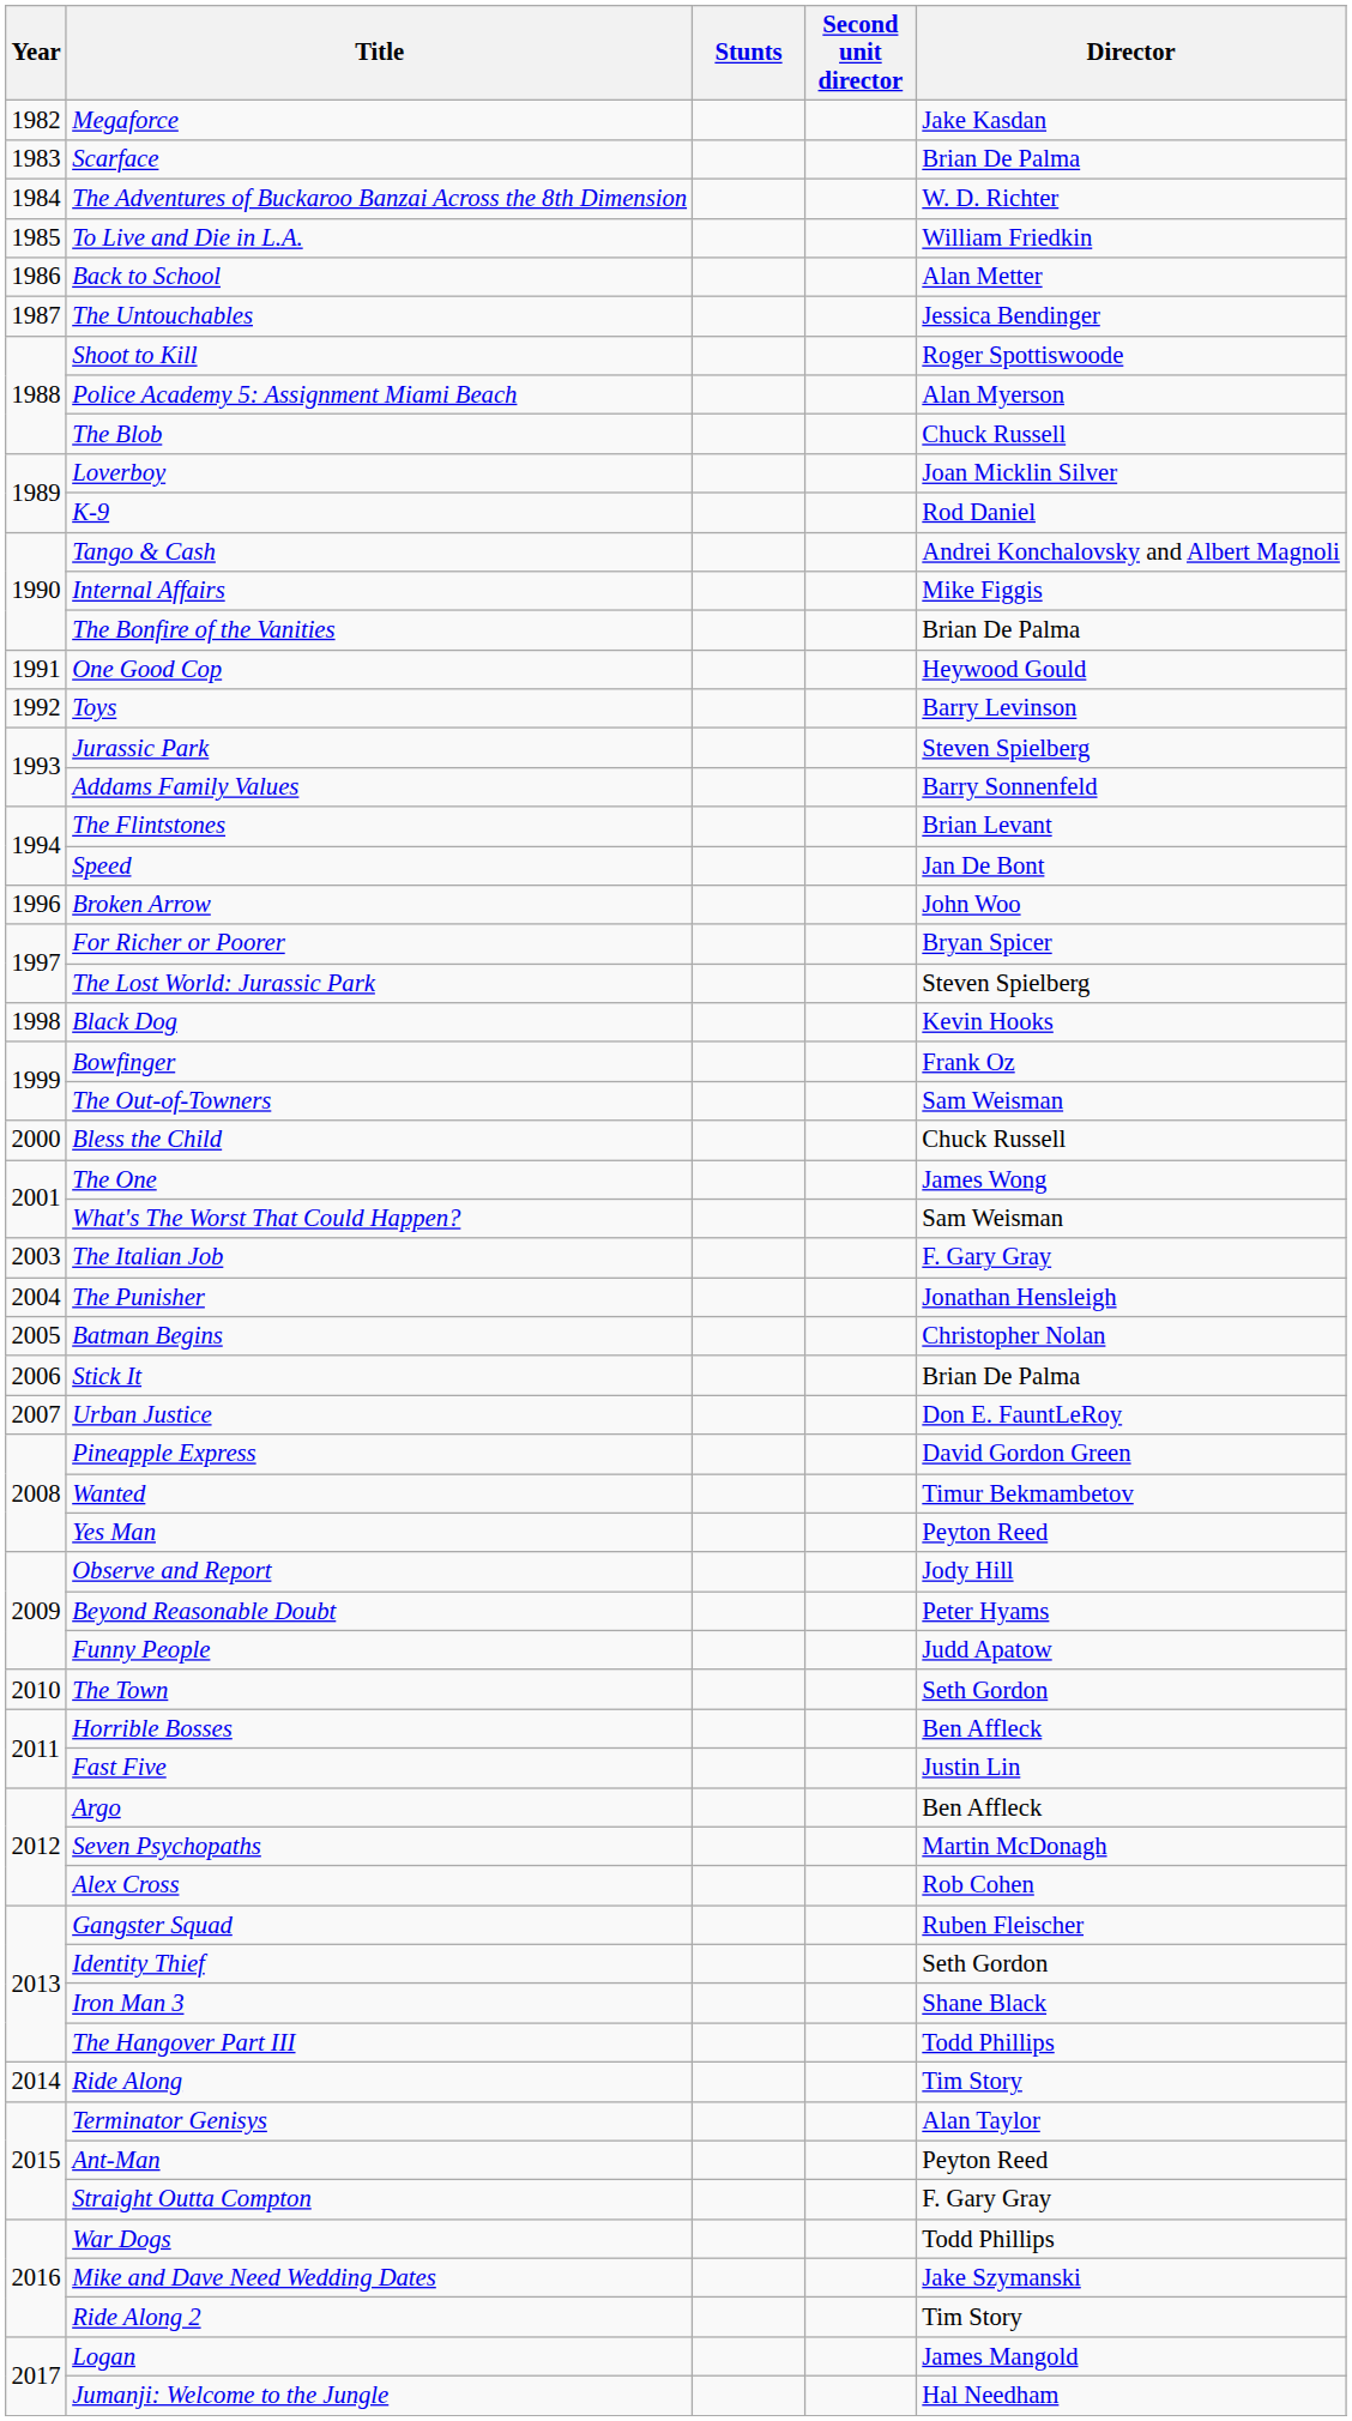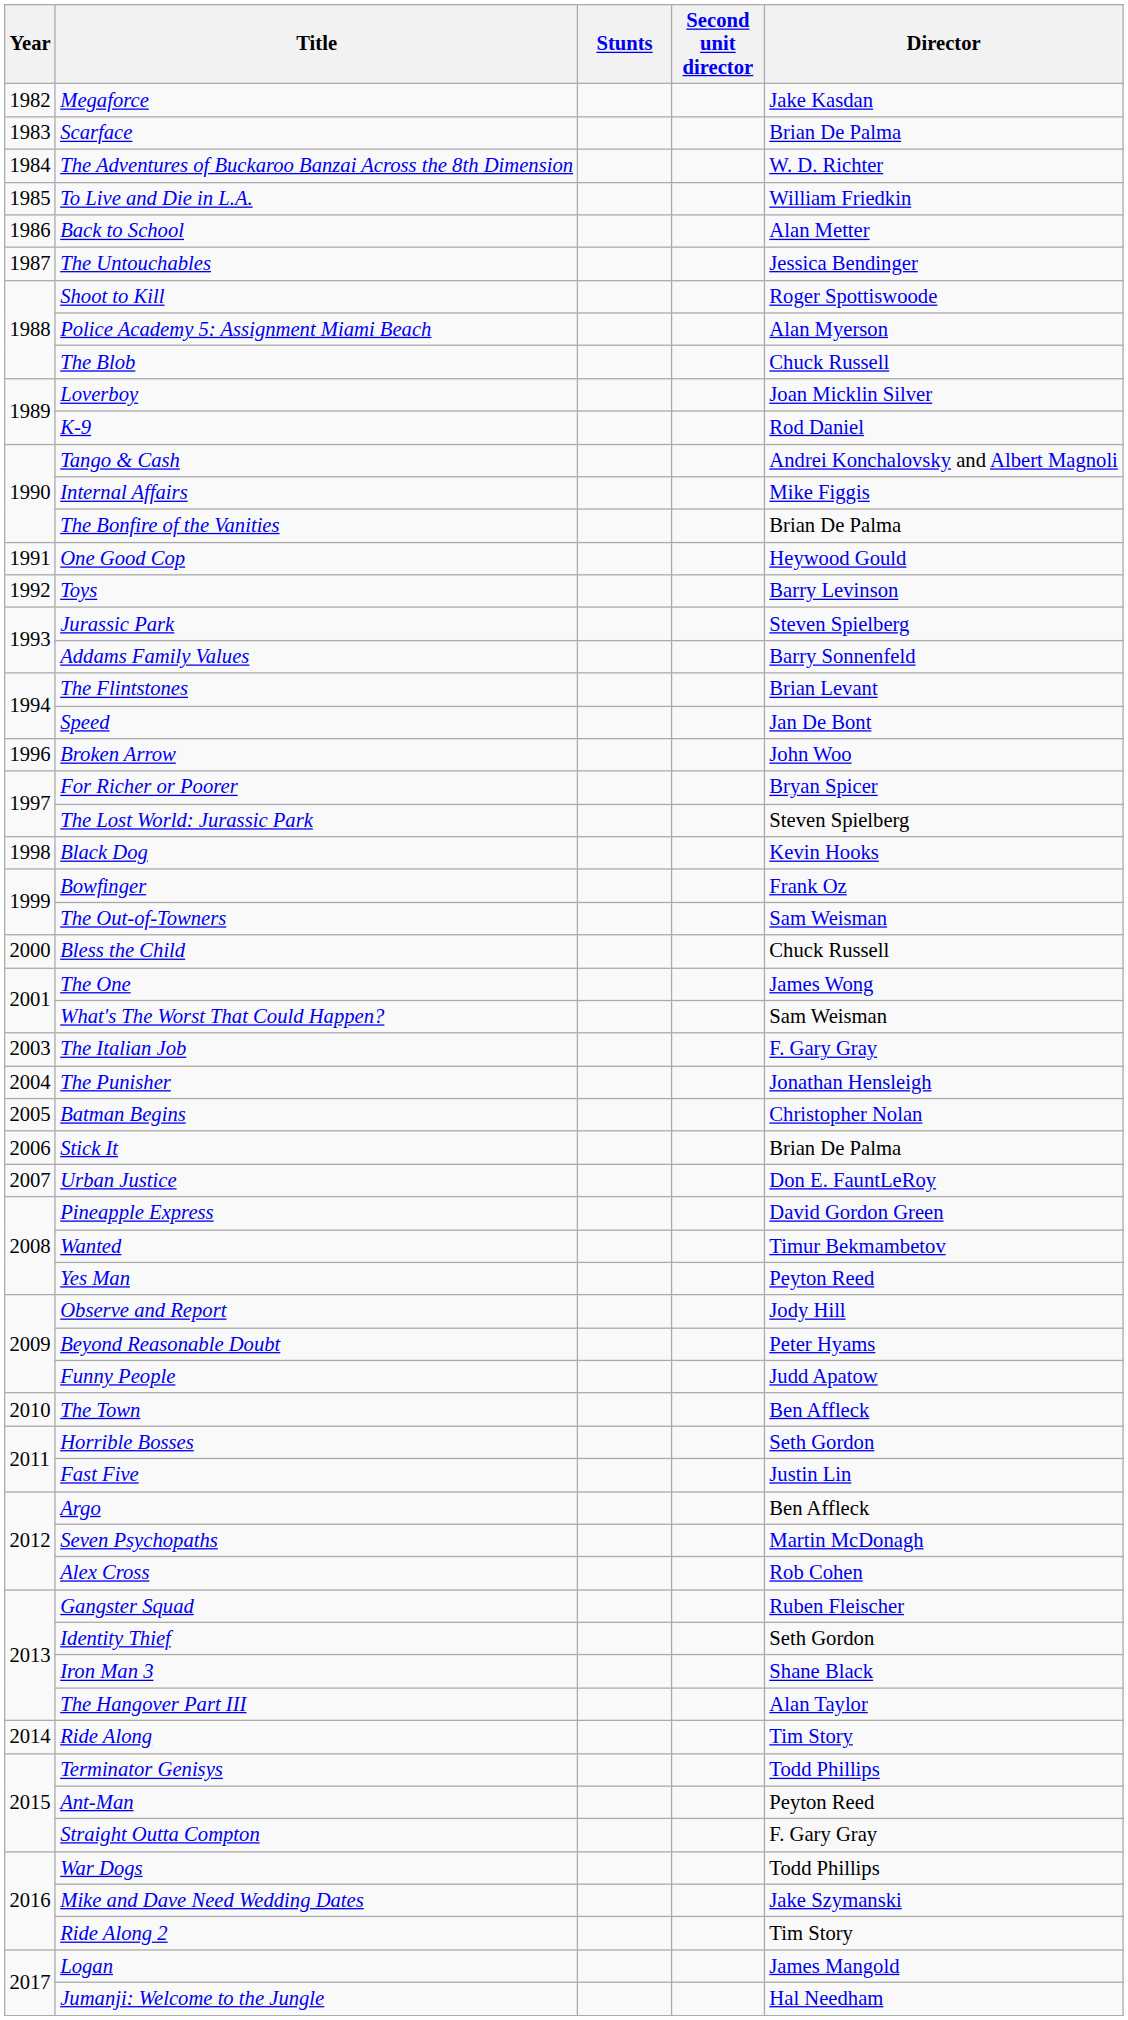 <table class="wikitable sortable" border="1">
 <tr>
 <th>Year</th>
 <th>Title</th>
 <th width="65"><a href='#'>Stunts</a></th>
 <th width="65"><a href='#'>Second unit director</a></th>
 <th>Director</th>
 </tr>
 <tr>
 <td>1982</td>
 <td><em><a href='#'>Megaforce</a></em></td>
 <td></td>
 <td></td>
 <td><a href='#'>Jake Kasdan</a></td>
 </tr>
 <tr>
 <td>1983</td>
 <td><em><a href='#'>Scarface</a></em></td>
 <td></td>
 <td></td>
 <td><a href='#'>Brian De Palma</a></td>
 </tr>
 <tr>
 <td>1984</td>
 <td><em><a href='#'>The Adventures of Buckaroo Banzai Across the 8th Dimension</a></em></td>
 <td></td>
 <td></td>
 <td><a href='#'>W. D. Richter</a></td>
 </tr>
 <tr>
 <td>1985</td>
 <td><em><a href='#'>To Live and Die in L.A.</a></em></td>
 <td></td>
 <td></td>
 <td><a href='#'>William Friedkin</a></td>
 </tr>
 <tr>
 <td>1986</td>
 <td><em><a href='#'>Back to School</a></em></td>
 <td></td>
 <td></td>
 <td><a href='#'>Alan Metter</a></td>
 </tr>
 <tr>
 <td>1987</td>
 <td><em><a href='#'>The Untouchables</a></em></td>
 <td></td>
 <td></td>
 <td><a href='#'>Jessica Bendinger</a></td>
 </tr>
 <tr>
 <td rowspan="3">1988</td>
 <td><em><a href='#'>Shoot to Kill</a></em></td>
 <td></td>
 <td></td>
 <td><a href='#'>Roger Spottiswoode</a></td>
 </tr>
 <tr>
 <td><em><a href='#'>Police Academy 5: Assignment Miami Beach</a></em></td>
 <td></td>
 <td></td>
 <td><a href='#'>Alan Myerson</a></td>
 </tr>
 <tr>
 <td><em><a href='#'>The Blob</a></em></td>
 <td></td>
 <td></td>
 <td><a href='#'>Chuck Russell</a></td>
 </tr>
 <tr>
 <td rowspan="2">1989</td>
 <td><em><a href='#'>Loverboy</a></em></td>
 <td></td>
 <td></td>
 <td><a href='#'>Joan Micklin Silver</a></td>
 </tr>
 <tr>
 <td><em><a href='#'>K-9</a></em></td>
 <td></td>
 <td></td>
 <td><a href='#'>Rod Daniel</a></td>
 </tr>
 <tr>
 <td rowspan="3">1990</td>
 <td><em><a href='#'>Tango & Cash</a></em></td>
 <td></td>
 <td></td>
 <td><a href='#'>Andrei Konchalovsky</a> and <a href='#'>Albert Magnoli</a></td>
 </tr>
 <tr>
 <td><em><a href='#'>Internal Affairs</a></em></td>
 <td></td>
 <td></td>
 <td><a href='#'>Mike Figgis</a></td>
 </tr>
 <tr>
 <td><em><a href='#'>The Bonfire of the Vanities</a></em></td>
 <td></td>
 <td></td>
 <td>Brian De Palma</td>
 </tr>
 <tr>
 <td>1991</td>
 <td><em><a href='#'>One Good Cop</a></em></td>
 <td></td>
 <td></td>
 <td><a href='#'>Heywood Gould</a></td>
 </tr>
 <tr>
 <td>1992</td>
 <td><em><a href='#'>Toys</a></em></td>
 <td></td>
 <td></td>
 <td><a href='#'>Barry Levinson</a></td>
 </tr>
 <tr>
 <td rowspan="2">1993</td>
 <td><em><a href='#'>Jurassic Park</a></em></td>
 <td></td>
 <td></td>
 <td><a href='#'>Steven Spielberg</a></td>
 </tr>
 <tr>
 <td><em><a href='#'>Addams Family Values</a></em></td>
 <td></td>
 <td></td>
 <td><a href='#'>Barry Sonnenfeld</a></td>
 </tr>
 <tr>
 <td rowspan="2">1994</td>
 <td><em><a href='#'>The Flintstones</a></em></td>
 <td></td>
 <td></td>
 <td><a href='#'>Brian Levant</a></td>
 </tr>
 <tr>
 <td><em><a href='#'>Speed</a></em></td>
 <td></td>
 <td></td>
 <td><a href='#'>Jan De Bont</a></td>
 </tr>
 <tr>
 <td>1996</td>
 <td><em><a href='#'>Broken Arrow</a></em></td>
 <td></td>
 <td></td>
 <td><a href='#'>John Woo</a></td>
 </tr>
 <tr>
 <td rowspan="2">1997</td>
 <td><em><a href='#'>For Richer or Poorer</a></em></td>
 <td></td>
 <td></td>
 <td><a href='#'>Bryan Spicer</a></td>
 </tr>
 <tr>
 <td><em><a href='#'>The Lost World: Jurassic Park</a></em></td>
 <td></td>
 <td></td>
 <td>Steven Spielberg</td>
 </tr>
 <tr>
 <td>1998</td>
 <td><em><a href='#'>Black Dog</a></em></td>
 <td></td>
 <td></td>
 <td><a href='#'>Kevin Hooks</a></td>
 </tr>
 <tr>
 <td rowspan="2">1999</td>
 <td><em><a href='#'>Bowfinger</a></em></td>
 <td></td>
 <td></td>
 <td><a href='#'>Frank Oz</a></td>
 </tr>
 <tr>
 <td><em><a href='#'>The Out-of-Towners</a></em></td>
 <td></td>
 <td></td>
 <td><a href='#'>Sam Weisman</a></td>
 </tr>
 <tr>
 <td>2000</td>
 <td><em><a href='#'>Bless the Child</a></em></td>
 <td></td>
 <td></td>
 <td>Chuck Russell</td>
 </tr>
 <tr>
 <td rowspan="2">2001</td>
 <td><em><a href='#'>The One</a></em></td>
 <td></td>
 <td></td>
 <td><a href='#'>James Wong</a></td>
 </tr>
 <tr>
 <td><em><a href='#'>What's The Worst That Could Happen?</a></em></td>
 <td></td>
 <td></td>
 <td>Sam Weisman</td>
 </tr>
 <tr>
 <td>2003</td>
 <td><em><a href='#'>The Italian Job</a></em></td>
 <td></td>
 <td></td>
 <td><a href='#'>F. Gary Gray</a></td>
 </tr>
 <tr>
 <td>2004</td>
 <td><em><a href='#'>The Punisher</a></em></td>
 <td></td>
 <td></td>
 <td><a href='#'>Jonathan Hensleigh</a></td>
 </tr>
 <tr>
 <td>2005</td>
 <td><em><a href='#'>Batman Begins</a></em></td>
 <td></td>
 <td></td>
 <td><a href='#'>Christopher Nolan</a></td>
 </tr>
 <tr>
 <td>2006</td>
 <td><em><a href='#'>Stick It</a></em></td>
 <td></td>
 <td></td>
 <td>Brian De Palma</td>
 </tr>
 <tr>
 <td>2007</td>
 <td><em><a href='#'>Urban Justice</a></em></td>
 <td></td>
 <td></td>
 <td><a href='#'>Don E. FauntLeRoy</a></td>
 </tr>
 <tr>
 <td rowspan="3">2008</td>
 <td><em><a href='#'>Pineapple Express</a></em></td>
 <td></td>
 <td></td>
 <td><a href='#'>David Gordon Green</a></td>
 </tr>
 <tr>
 <td><em><a href='#'>Wanted</a></em></td>
 <td></td>
 <td></td>
 <td><a href='#'>Timur Bekmambetov</a></td>
 </tr>
 <tr>
 <td><em><a href='#'>Yes Man</a></em></td>
 <td></td>
 <td></td>
 <td><a href='#'>Peyton Reed</a></td>
 </tr>
 <tr>
 <td rowspan="3">2009</td>
 <td><em><a href='#'>Observe and Report</a></em></td>
 <td></td>
 <td></td>
 <td><a href='#'>Jody Hill</a></td>
 </tr>
 <tr>
 <td><em><a href='#'>Beyond Reasonable Doubt</a></em></td>
 <td></td>
 <td></td>
 <td><a href='#'>Peter Hyams</a></td>
 </tr>
 <tr>
 <td><em><a href='#'>Funny People</a></em></td>
 <td></td>
 <td></td>
 <td><a href='#'>Judd Apatow</a></td>
 </tr>
 <tr>
 <td>2010</td>
 <td><em><a href='#'>The Town</a></em></td>
 <td></td>
 <td></td>
-<td><a href='#'>Seth Gordon</a></td>
+<td><a href='#'>Ben Affleck</a></td>
 </tr>
 <tr>
 <td rowspan="2">2011</td>
 <td><em><a href='#'>Horrible Bosses</a></em></td>
 <td></td>
 <td></td>
-<td><a href='#'>Ben Affleck</a></td>
+<td><a href='#'>Seth Gordon</a></td>
 </tr>
 <tr>
 <td><em><a href='#'>Fast Five</a></em></td>
 <td></td>
 <td></td>
 <td><a href='#'>Justin Lin</a></td>
 </tr>
 <tr>
 <td rowspan="3">2012</td>
 <td><em><a href='#'>Argo</a></em></td>
 <td></td>
 <td></td>
 <td>Ben Affleck</td>
 </tr>
 <tr>
 <td><em><a href='#'>Seven Psychopaths</a></em></td>
 <td></td>
 <td></td>
 <td><a href='#'>Martin McDonagh</a></td>
 </tr>
 <tr>
 <td><em><a href='#'>Alex Cross</a></em></td>
 <td></td>
 <td></td>
 <td><a href='#'>Rob Cohen</a></td>
 </tr>
 <tr>
 <td rowspan="4">2013</td>
 <td><em><a href='#'>Gangster Squad</a></em></td>
 <td></td>
 <td></td>
 <td><a href='#'>Ruben Fleischer</a></td>
 </tr>
 <tr>
 <td><em><a href='#'>Identity Thief</a></em></td>
 <td></td>
 <td></td>
 <td>Seth Gordon</td>
 </tr>
 <tr>
 <td><em><a href='#'>Iron Man 3</a></em></td>
 <td></td>
 <td></td>
 <td><a href='#'>Shane Black</a></td>
 </tr>
 <tr>
 <td><em><a href='#'>The Hangover Part III</a></em></td>
 <td></td>
 <td></td>
-<td><a href='#'>Todd Phillips</a></td>
+<td><a href='#'>Alan Taylor</a></td>
 </tr>
 <tr>
 <td>2014</td>
 <td><em><a href='#'>Ride Along</a></em></td>
 <td></td>
 <td></td>
 <td><a href='#'>Tim Story</a></td>
 </tr>
 <tr>
 <td rowspan="3">2015</td>
 <td><em><a href='#'>Terminator Genisys</a></em></td>
 <td></td>
 <td></td>
-<td><a href='#'>Alan Taylor</a></td>
+<td><a href='#'>Todd Phillips</a></td>
 </tr>
 <tr>
 <td><em><a href='#'>Ant-Man</a></em></td>
 <td></td>
 <td></td>
 <td>Peyton Reed</td>
 </tr>
 <tr>
 <td><em><a href='#'>Straight Outta Compton</a></em></td>
 <td></td>
 <td></td>
 <td>F. Gary Gray</td>
 </tr>
 <tr>
 <td rowspan="3">2016</td>
 <td><em><a href='#'>War Dogs</a></em></td>
 <td></td>
 <td></td>
 <td>Todd Phillips</td>
 </tr>
 <tr>
 <td><em><a href='#'>Mike and Dave Need Wedding Dates</a></em></td>
 <td></td>
 <td></td>
 <td><a href='#'>Jake Szymanski</a></td>
 </tr>
 <tr>
 <td><em><a href='#'>Ride Along 2</a></em></td>
 <td></td>
 <td></td>
 <td>Tim Story</td>
 </tr>
 <tr>
 <td rowspan="2">2017</td>
 <td><em><a href='#'>Logan</a></em></td>
 <td></td>
 <td></td>
 <td><a href='#'>James Mangold</a></td>
 </tr>
 <tr>
 <td><em><a href='#'>Jumanji: Welcome to the Jungle</a></em></td>
 <td></td>
 <td></td>
 <td><a href='#'>Hal Needham</a></td>
 </tr>
 <tr>
 </tr>
 </table>
